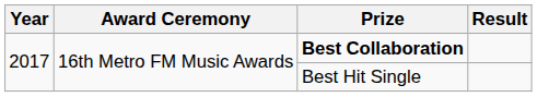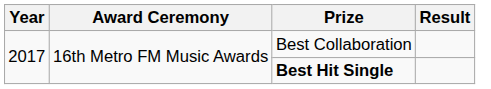 <table class="wikitable">
 <tr>
 <th>Year</th>
 <th>Award Ceremony</th>
 <th>Prize</th>
 <th>Result</th>
 </tr>
 <tr>
 <td rowspan="2">2017</td>
 <td rowspan="2">16th Metro FM Music Awards</td>
-<td><strong>Best Collaboration</strong></td>
+<td>Best Collaboration</td>
 <td></td>
 </tr>
 <tr>
-<td>Best Hit Single</td>
+<td><strong>Best Hit Single</strong></td>
 <td></td>
 </tr>
 </table>
